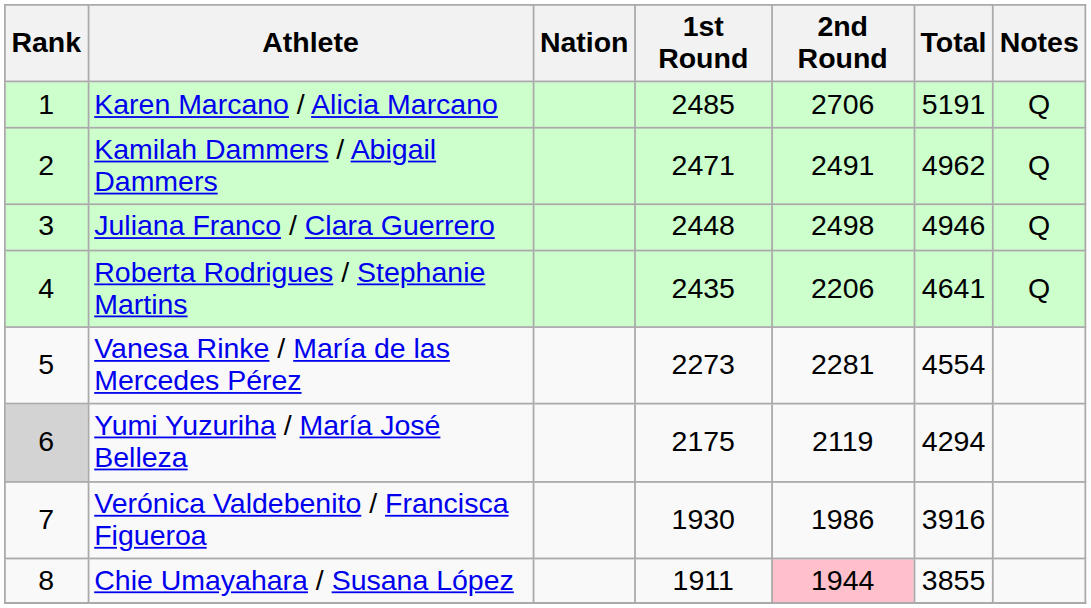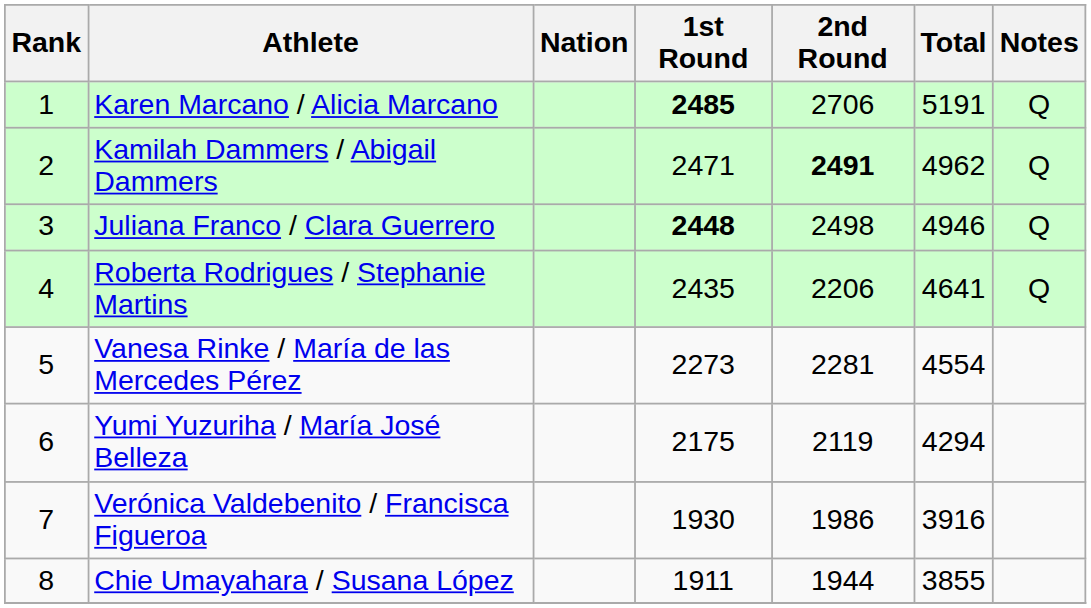 <table class="wikitable sortable" style="text-align:center">
 <tr>
 <th>Rank</th>
 <th>Athlete</th>
 <th>Nation</th>
 <th>1st Round</th>
 <th>2nd Round</th>
 <th>Total</th>
 <th>Notes</th>
 </tr>
 <tr bgcolor=ccffcc>
 <td>1</td>
 <td align=left><a href='#'>Karen Marcano</a> / <a href='#'>Alicia Marcano</a></td>
 <td align=left></td>
-<td>2485</td>
+<td><strong>2485</strong></td>
 <td>2706</td>
 <td>5191</td>
 <td>Q</td>
 </tr>
 <tr bgcolor=ccffcc>
 <td>2</td>
 <td align=left><a href='#'>Kamilah Dammers</a> / <a href='#'>Abigail Dammers</a></td>
 <td align=left></td>
 <td>2471</td>
-<td>2491</td>
+<td><strong>2491</strong></td>
 <td>4962</td>
 <td>Q</td>
 </tr>
 <tr bgcolor=ccffcc>
 <td>3</td>
 <td align=left><a href='#'>Juliana Franco</a> / <a href='#'>Clara Guerrero</a></td>
 <td align=left></td>
-<td>2448</td>
+<td><strong>2448</strong></td>
 <td>2498</td>
 <td>4946</td>
 <td>Q</td>
 </tr>
 <tr bgcolor=ccffcc>
 <td>4</td>
 <td align=left><a href='#'>Roberta Rodrigues</a> / <a href='#'>Stephanie Martins</a></td>
 <td align=left></td>
 <td>2435</td>
 <td>2206</td>
 <td>4641</td>
 <td>Q</td>
 </tr>
 <tr>
 <td>5</td>
 <td align=left><a href='#'>Vanesa Rinke</a> / <a href='#'>María de las Mercedes Pérez</a></td>
 <td align=left></td>
 <td>2273</td>
 <td>2281</td>
 <td>4554</td>
 <td></td>
 </tr>
 <tr>
-<td style="background: lightgrey;">6</td>
+<td>6</td>
 <td align=left><a href='#'>Yumi Yuzuriha</a> / <a href='#'>María José Belleza</a></td>
 <td align=left></td>
 <td>2175</td>
 <td>2119</td>
 <td>4294</td>
 <td></td>
 </tr>
 <tr>
 <td>7</td>
 <td align=left><a href='#'>Verónica Valdebenito</a> / <a href='#'>Francisca Figueroa</a></td>
 <td align=left></td>
 <td>1930</td>
 <td>1986</td>
 <td>3916</td>
 <td></td>
 </tr>
 <tr>
 <td>8</td>
 <td align=left><a href='#'>Chie Umayahara</a> / <a href='#'>Susana López</a></td>
 <td align=left></td>
 <td>1911</td>
-<td style="background: pink;">1944</td>
+<td>1944</td>
 <td>3855</td>
 <td></td>
 </tr>
 <tr>
 </tr>
 </table>
